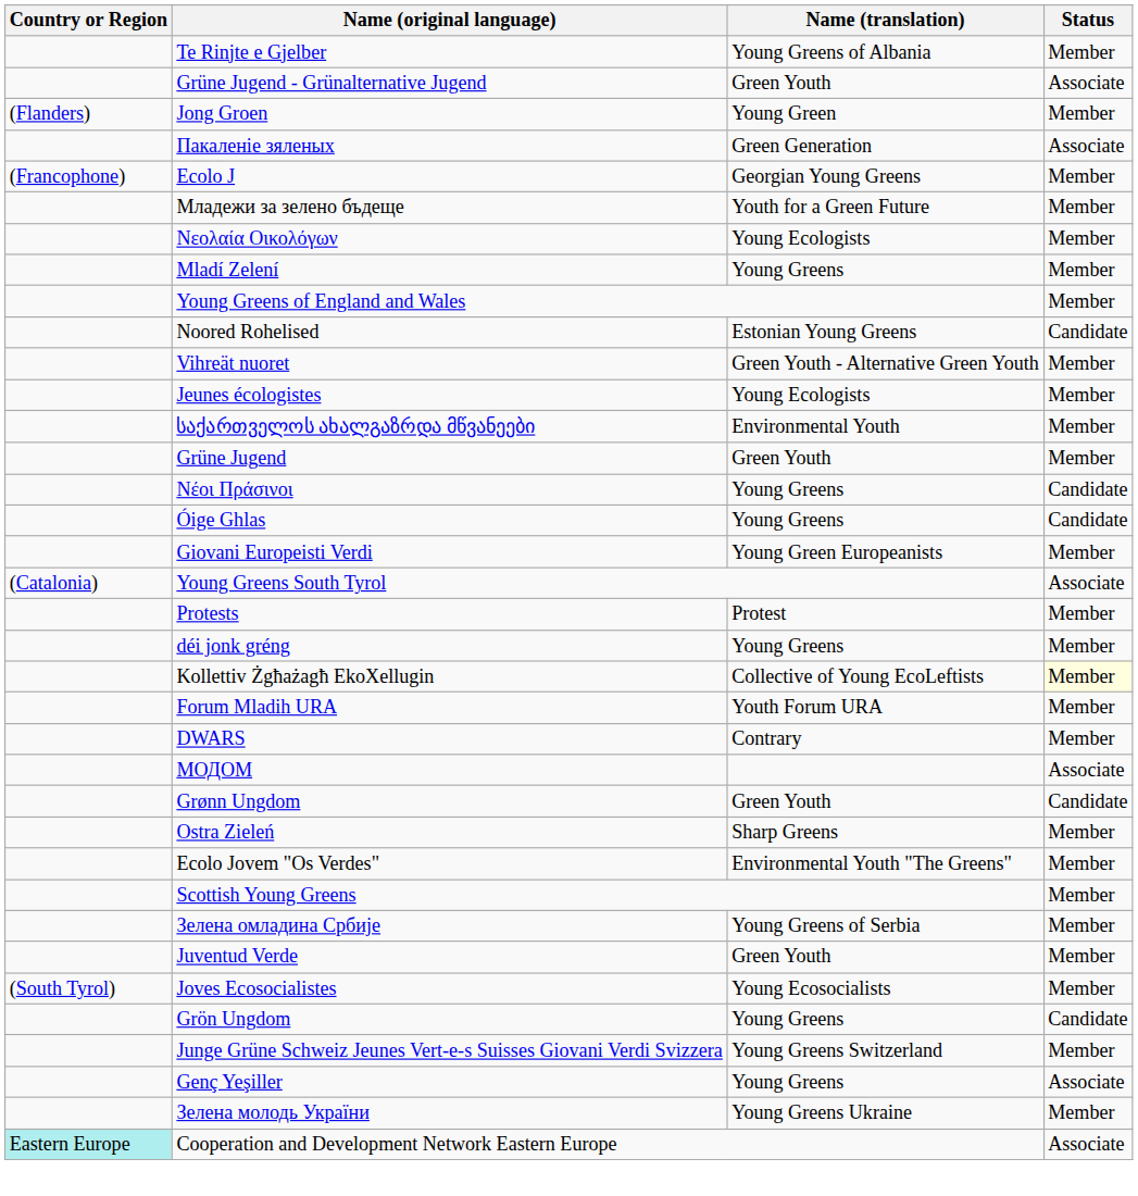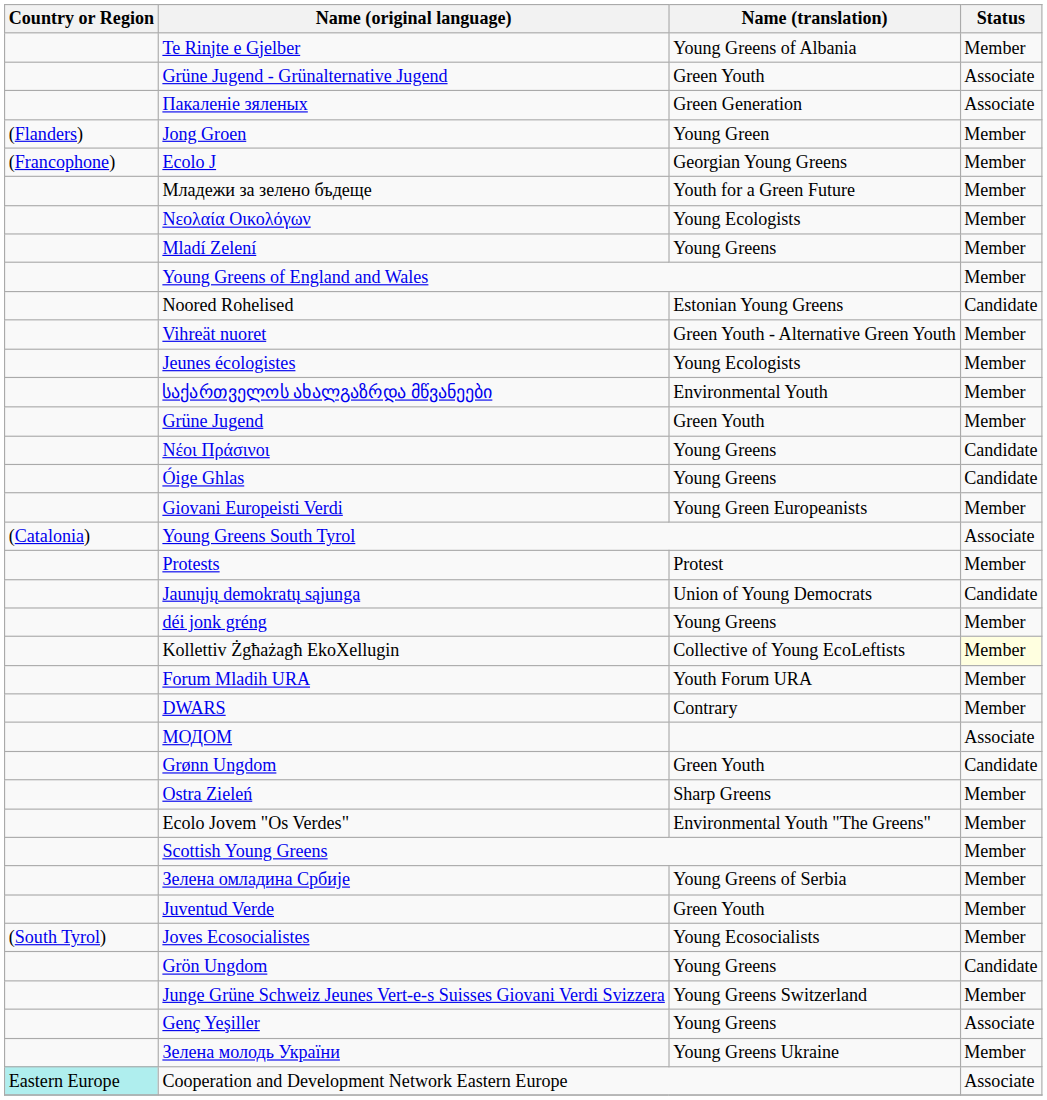 <table class="wikitable">
 <tr>
 <th>Country or Region</th>
 <th>Name (original language)</th>
 <th>Name (translation)</th>
 <th>Status</th>
 </tr>
 <tr>
 <td></td>
 <td><a href='#'>Te Rinjte e Gjelber</a></td>
 <td>Young Greens of Albania</td>
 <td>Member</td>
 </tr>
 <tr>
 <td></td>
 <td><a href='#'>Grüne Jugend - Grünalternative Jugend</a></td>
 <td>Green Youth</td>
 <td>Associate</td>
 </tr>
 <tr>
+<td></td>
+<td><a href='#'>Пакаленiе зяленых</a></td>
+<td>Green Generation</td>
+<td>Associate</td>
+</tr>
+<tr>
 <td> (<a href='#'>Flanders</a>)</td>
 <td><a href='#'>Jong Groen</a></td>
 <td>Young Green</td>
 <td>Member</td>
-</tr>
-<tr>
-<td></td>
-<td><a href='#'>Пакаленiе зяленых</a></td>
-<td>Green Generation</td>
-<td>Associate</td>
 </tr>
 <tr>
 <td> (<a href='#'>Francophone</a>)</td>
 <td><a href='#'>Ecolo J</a></td>
 <td>Georgian Young Greens</td>
 <td>Member</td>
 </tr>
 <tr>
 <td></td>
 <td>Младежи за зелено бъдеще</td>
 <td>Youth for a Green Future</td>
 <td>Member</td>
 </tr>
 <tr>
 <td></td>
 <td><a href='#'>Νεολαία Οικολόγων</a></td>
 <td>Young Ecologists</td>
 <td>Member</td>
 </tr>
 <tr>
 <td></td>
 <td><a href='#'>Mladí Zelení</a></td>
 <td>Young Greens</td>
 <td>Member</td>
 </tr>
 <tr>
 <td><br></td>
 <td colspan=2><a href='#'>Young Greens of England and Wales</a></td>
 <td>Member</td>
 </tr>
 <tr>
 <td></td>
 <td>Noored Rohelised</td>
 <td>Estonian Young Greens</td>
 <td>Candidate</td>
 </tr>
 <tr>
 <td></td>
 <td><a href='#'>Vihreät nuoret</a></td>
 <td>Green Youth - Alternative Green Youth</td>
 <td>Member</td>
 </tr>
 <tr>
 <td></td>
 <td><a href='#'>Jeunes écologistes</a></td>
 <td>Young Ecologists</td>
 <td>Member</td>
 </tr>
 <tr>
 <td></td>
 <td><a href='#'>საქართველოს ახალგაზრდა მწვანეები</a></td>
 <td>Environmental Youth</td>
 <td>Member</td>
 </tr>
 <tr>
 <td></td>
 <td><a href='#'>Grüne Jugend</a></td>
 <td>Green Youth</td>
 <td>Member</td>
 </tr>
 <tr>
 <td></td>
 <td><a href='#'>Νέοι Πράσινοι</a></td>
 <td>Young Greens</td>
 <td>Candidate</td>
 </tr>
 <tr>
 <td></td>
 <td><a href='#'>Óige Ghlas</a></td>
 <td>Young Greens</td>
 <td>Candidate</td>
 </tr>
 <tr>
 <td></td>
 <td><a href='#'>Giovani Europeisti Verdi</a></td>
 <td>Young Green Europeanists</td>
 <td>Member</td>
 </tr>
 <tr>
 <td> (<a href='#'>Catalonia</a>)</td>
 <td colspan="2"><a href='#'>Young Greens South Tyrol</a></td>
 <td>Associate</td>
 </tr>
 <tr>
 <td></td>
 <td><a href='#'>Protests</a></td>
 <td>Protest</td>
 <td>Member</td>
+</tr>
+<tr>
+<td></td>
+<td><a href='#'>Jaunųjų demokratų sąjunga</a></td>
+<td>Union of Young Democrats</td>
+<td>Candidate</td>
 </tr>
 <tr>
 <td></td>
 <td><a href='#'>déi jonk gréng</a></td>
 <td>Young Greens</td>
 <td>Member</td>
 </tr>
 <tr>
 <td></td>
 <td>Kollettiv Żgħażagħ EkoXellugin</td>
 <td>Collective of Young EcoLeftists</td>
 <td style="background: lightyellow;">Member</td>
 </tr>
 <tr>
 <td></td>
 <td><a href='#'>Forum Mladih URA</a></td>
 <td>Youth Forum URA</td>
 <td>Member</td>
 </tr>
 <tr>
 <td></td>
 <td><a href='#'>DWARS</a></td>
 <td>Contrary</td>
 <td>Member</td>
 </tr>
 <tr>
 <td></td>
 <td><a href='#'>МОДОМ</a></td>
 <td></td>
 <td>Associate</td>
 </tr>
 <tr>
 <td></td>
 <td><a href='#'>Grønn Ungdom</a></td>
 <td>Green Youth</td>
 <td>Candidate</td>
 </tr>
 <tr>
 <td></td>
 <td><a href='#'>Ostra Zieleń</a></td>
 <td>Sharp Greens</td>
 <td>Member</td>
 </tr>
 <tr>
 <td></td>
 <td>Ecolo Jovem "Os Verdes"</td>
 <td>Environmental Youth "The Greens"</td>
 <td>Member</td>
 </tr>
 <tr>
 <td></td>
 <td colspan=2><a href='#'>Scottish Young Greens</a></td>
 <td>Member</td>
 </tr>
 <tr>
 <td></td>
 <td><a href='#'>Зелена омладина Србије</a></td>
 <td>Young Greens of Serbia</td>
 <td>Member</td>
 </tr>
 <tr>
 <td></td>
 <td><a href='#'>Juventud Verde</a></td>
 <td>Green Youth</td>
 <td>Member</td>
 </tr>
 <tr>
 <td> (<a href='#'>South Tyrol</a>)</td>
 <td><a href='#'>Joves Ecosocialistes</a></td>
 <td>Young Ecosocialists</td>
 <td>Member</td>
 </tr>
 <tr>
 <td></td>
 <td><a href='#'>Grön Ungdom</a></td>
 <td>Young Greens</td>
 <td>Candidate</td>
 </tr>
 <tr>
 <td></td>
 <td><a href='#'>Junge Grüne Schweiz Jeunes Vert-e-s Suisses  Giovani Verdi Svizzera</a></td>
 <td>Young Greens Switzerland</td>
 <td>Member</td>
 </tr>
 <tr>
 <td></td>
 <td><a href='#'>Genç Yeşiller</a></td>
 <td>Young Greens</td>
 <td>Associate</td>
 </tr>
 <tr>
 <td></td>
 <td><a href='#'>Зелена молодь України</a></td>
 <td>Young Greens Ukraine</td>
 <td>Member</td>
 </tr>
 <tr>
 <td style="background: paleturquoise;">Eastern Europe </td>
 <td colspan=2>Cooperation and Development Network Eastern Europe</td>
 <td>Associate</td>
 </tr>
 <tr>
 </tr>
 </table>
